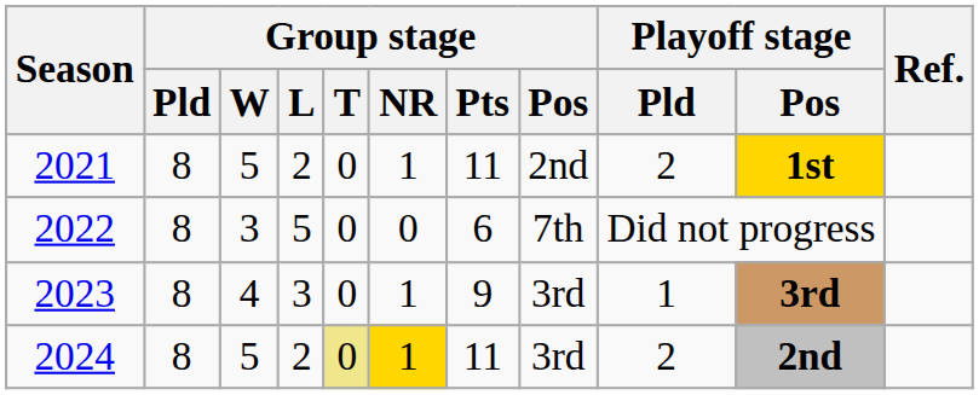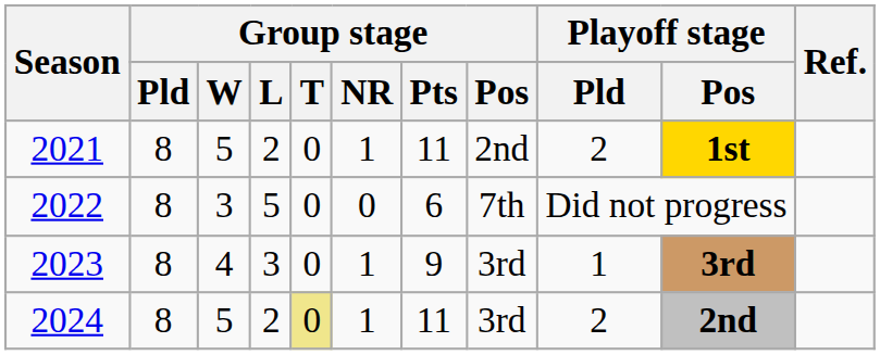 <table class="wikitable" style="text-align: center">
 <tr>
 <th rowspan=2>Season</th>
 <th colspan=7>Group stage</th>
 <th colspan=2>Playoff stage</th>
 <th rowspan=2>Ref.</th>
 </tr>
 <tr>
 <th>Pld</th>
 <th>W</th>
 <th>L</th>
 <th>T</th>
 <th>NR</th>
 <th>Pts</th>
 <th>Pos</th>
 <th>Pld</th>
 <th>Pos</th>
 </tr>
 <tr>
 <td><a href='#'>2021</a></td>
 <td>8</td>
 <td>5</td>
 <td>2</td>
 <td>0</td>
 <td>1</td>
 <td>11</td>
 <td>2nd</td>
 <td>2</td>
 <td bgcolor="gold"><strong>1st</strong></td>
 <td></td>
 </tr>
 <tr>
 <td><a href='#'>2022</a></td>
 <td>8</td>
 <td>3</td>
 <td>5</td>
 <td>0</td>
 <td>0</td>
 <td>6</td>
 <td>7th</td>
 <td colspan=2>Did not progress</td>
 <td></td>
 </tr>
 <tr>
 <td><a href='#'>2023</a></td>
 <td>8</td>
 <td>4</td>
 <td>3</td>
 <td>0</td>
 <td>1</td>
 <td>9</td>
 <td>3rd</td>
 <td>1</td>
 <td bgcolor=#cc9966><strong>3rd</strong></td>
 <td></td>
 </tr>
 <tr>
 <td><a href='#'>2024</a></td>
 <td>8</td>
 <td>5</td>
 <td>2</td>
 <td style="background: khaki;">0</td>
-<td style="background: gold;">1</td>
+<td>1</td>
 <td>11</td>
 <td>3rd</td>
 <td>2</td>
 <td bgcolor="silver"><strong>2nd</strong></td>
 <td></td>
 </tr>
 </table>
